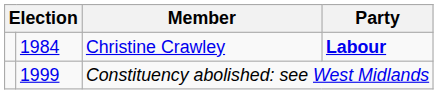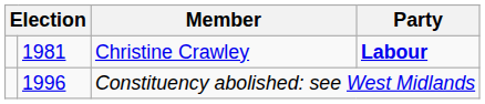 <table class="wikitable">
 <tr>
 <th colspan="2">Election</th>
 <th>Member</th>
 <th>Party</th>
 </tr>
 <tr>
 <td style="background-color: "></td>
-<td><a href='#'>1984</a></td>
+<td><a href='#'>1981</a></td>
 <td><a href='#'>Christine Crawley</a></td>
 <td><strong><a href='#'>Labour</a></strong></td>
 </tr>
 <tr>
 <td></td>
-<td><a href='#'>1999</a></td>
+<td><a href='#'>1996</a></td>
 <td colspan="2"><em>Constituency abolished: see <a href='#'>West Midlands</a></em></td>
 </tr>
 </table>
